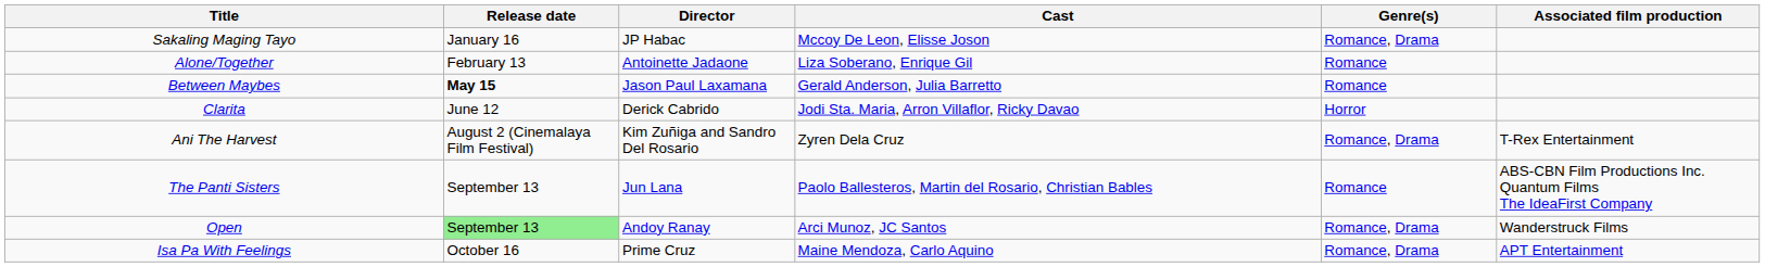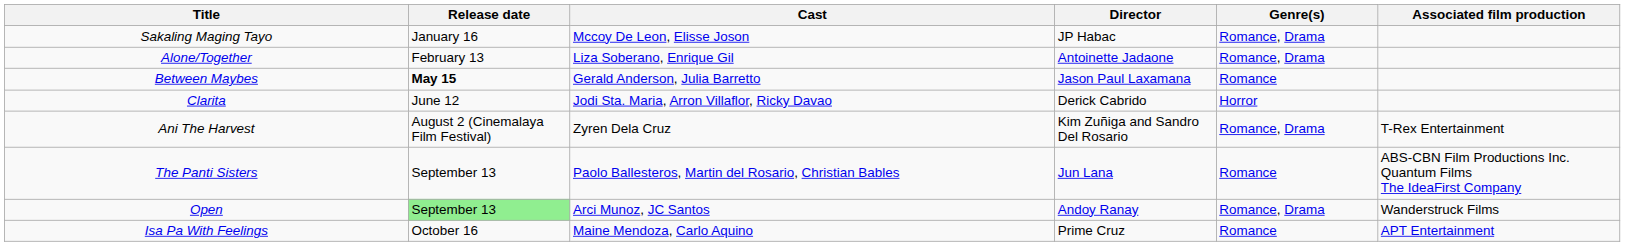 <table class="wikitable" style="width:97%;" "toccolours sortable">
 <tr>
 <th style="width:25%;">Title</th>
 <th style="width:10%;">Release date</th>
+<th style="width:30%;">Cast</th>
 <th style="width:10%;;">Director</th>
-<th style="width:30%;">Cast</th>
 <th style="width:10%;">Genre(s)</th>
 <th style="width:15%;">Associated film production</th>
 </tr>
 <tr>
 <td style="text-align:center;"><em>Sakaling Maging Tayo</em></td>
 <td>January 16</td>
+<td><a href='#'>Mccoy De Leon</a>, <a href='#'>Elisse Joson</a></td>
 <td>JP Habac</td>
-<td><a href='#'>Mccoy De Leon</a>, <a href='#'>Elisse Joson</a></td>
 <td><a href='#'>Romance</a>, <a href='#'>Drama</a></td>
 <td></td>
 </tr>
 <tr>
 <td style="text-align:center;"><em><a href='#'>Alone/Together</a></em></td>
 <td>February 13</td>
+<td><a href='#'>Liza Soberano</a>, <a href='#'>Enrique Gil</a></td>
 <td><a href='#'>Antoinette Jadaone</a></td>
-<td><a href='#'>Liza Soberano</a>, <a href='#'>Enrique Gil</a></td>
-<td><a href='#'>Romance</a></td>
+<td><a href='#'>Romance</a>, <a href='#'>Drama</a></td>
 <td></td>
 </tr>
 <tr>
 <td style="text-align:center;"><em><a href='#'>Between Maybes</a></em></td>
 <td><strong>May 15</strong></td>
+<td><a href='#'>Gerald Anderson</a>, <a href='#'>Julia Barretto</a></td>
 <td><a href='#'>Jason Paul Laxamana</a></td>
-<td><a href='#'>Gerald Anderson</a>, <a href='#'>Julia Barretto</a></td>
 <td><a href='#'>Romance</a></td>
 <td></td>
 </tr>
 <tr>
 <td style="text-align:center;"><em><a href='#'>Clarita</a></em></td>
 <td>June 12</td>
+<td><a href='#'>Jodi Sta. Maria</a>, <a href='#'>Arron Villaflor</a>, <a href='#'>Ricky Davao</a></td>
 <td>Derick Cabrido</td>
-<td><a href='#'>Jodi Sta. Maria</a>, <a href='#'>Arron Villaflor</a>, <a href='#'>Ricky Davao</a></td>
 <td><a href='#'>Horror</a></td>
 <td></td>
 </tr>
 <tr>
 <td style="text-align:center;"><em>Ani The Harvest</em></td>
 <td>August 2 (Cinemalaya Film Festival)</td>
+<td>Zyren Dela Cruz</td>
 <td>Kim Zuñiga and Sandro Del Rosario</td>
-<td>Zyren Dela Cruz</td>
 <td><a href='#'>Romance</a>, <a href='#'>Drama</a></td>
 <td>T-Rex Entertainment</td>
 </tr>
 <tr>
 <td style="text-align:center;"><em><a href='#'>The Panti Sisters</a></em></td>
 <td>September 13</td>
+<td><a href='#'>Paolo Ballesteros</a>, <a href='#'>Martin del Rosario</a>, <a href='#'>Christian Bables</a></td>
 <td><a href='#'>Jun Lana</a></td>
-<td><a href='#'>Paolo Ballesteros</a>, <a href='#'>Martin del Rosario</a>, <a href='#'>Christian Bables</a></td>
 <td><a href='#'>Romance</a></td>
 <td>ABS-CBN Film Productions Inc.<br>Quantum Films<br><a href='#'>The IdeaFirst Company</a></td>
 </tr>
 <tr>
 <td style="text-align:center;"><em><a href='#'>Open</a></em></td>
 <td style="background: lightgreen;">September 13</td>
+<td><a href='#'>Arci Munoz</a>, <a href='#'>JC Santos</a></td>
 <td><a href='#'>Andoy Ranay</a></td>
-<td><a href='#'>Arci Munoz</a>, <a href='#'>JC Santos</a></td>
 <td><a href='#'>Romance</a>, <a href='#'>Drama</a></td>
 <td>Wanderstruck Films</td>
 </tr>
 <tr>
 <td style="text-align:center;"><em><a href='#'>Isa Pa With Feelings</a></em></td>
 <td>October 16</td>
+<td><a href='#'>Maine Mendoza</a>, <a href='#'>Carlo Aquino</a></td>
 <td>Prime Cruz</td>
-<td><a href='#'>Maine Mendoza</a>, <a href='#'>Carlo Aquino</a></td>
-<td><a href='#'>Romance</a>, <a href='#'>Drama</a></td>
+<td><a href='#'>Romance</a></td>
 <td><a href='#'>APT Entertainment</a></td>
 </tr>
 </table>
